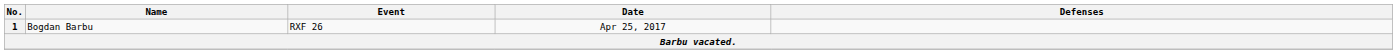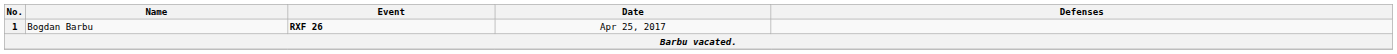 <table class="wikitable" width=100%>
 <tr>
 <th width=1%>No.</th>
 <th width=19%>Name</th>
 <th width=15%>Event</th>
 <th width=20%>Date</th>
 <th width=45%>Defenses</th>
 </tr>
 <tr>
 <th>1</th>
 <td> Bogdan Barbu <br></td>
-<td>RXF 26 <br></td>
+<td><strong>RXF 26 <br></strong></td>
 <td align=center>Apr 25, 2017</td>
 <td><br></td>
 </tr>
 <tr>
 <th colspan=5 align=center><em>Barbu vacated.</em></th>
 </tr>
 <tr>
 </tr>
 </table>
